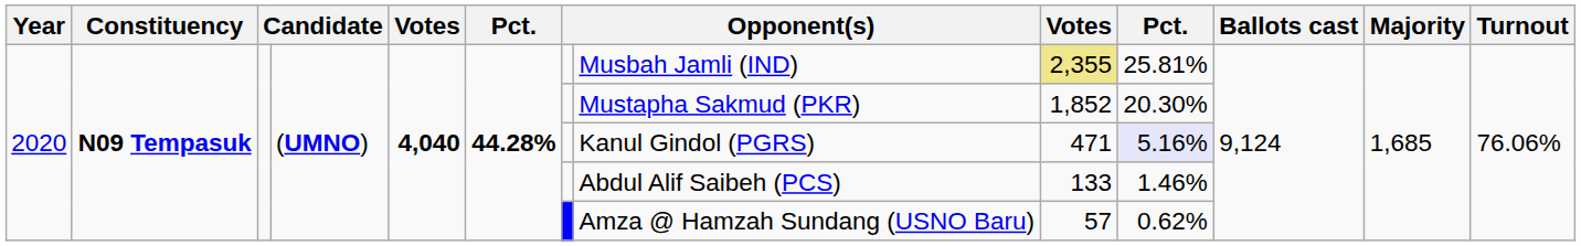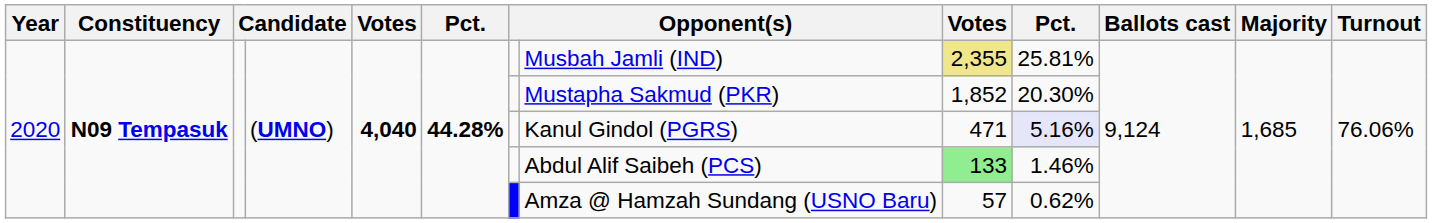 <table class="wikitable" style="margin:0.5em ; font-size:95%">
 <tr>
 <th>Year</th>
 <th>Constituency</th>
 <th colspan="2">Candidate</th>
 <th>Votes</th>
 <th>Pct.</th>
 <th colspan="2">Opponent(s)</th>
 <th>Votes</th>
 <th>Pct.</th>
 <th>Ballots cast</th>
 <th>Majority</th>
 <th>Turnout</th>
 </tr>
 <tr>
 <td rowspan="5"><a href='#'>2020</a></td>
 <td rowspan="5"><strong>N09 <a href='#'>Tempasuk</a></strong></td>
 <td rowspan="5" ></td>
 <td rowspan="5"> (<a href='#'><strong>UMNO</strong></a>)</td>
 <td rowspan="5" align=right><strong>4,040</strong></td>
 <td rowspan="5"><strong>44.28%</strong></td>
 <td></td>
 <td><a href='#'>Musbah Jamli</a> (<a href='#'>IND</a>)</td>
 <td align=right style="background: khaki;">2,355</td>
 <td>25.81%</td>
 <td rowspan="5">9,124</td>
 <td rowspan="5">1,685</td>
 <td rowspan="5">76.06%</td>
 </tr>
 <tr>
 <td></td>
 <td><a href='#'>Mustapha Sakmud</a> (<a href='#'>PKR</a>)</td>
 <td align=right>1,852</td>
 <td>20.30%</td>
 </tr>
 <tr>
 <td bgcolor = ></td>
 <td>Kanul Gindol (<a href='#'>PGRS</a>)</td>
 <td align=right>471</td>
 <td align=right style="background: lavender;">5.16%</td>
 </tr>
 <tr>
 <td bgcolor= ></td>
 <td>Abdul Alif Saibeh (<a href='#'>PCS</a>)</td>
-<td align=right>133</td>
+<td align=right style="background: lightgreen;">133</td>
 <td align=right>1.46%</td>
 </tr>
 <tr>
 <td bgcolor= blue></td>
 <td>Amza @ Hamzah Sundang (<a href='#'>USNO Baru</a>)</td>
 <td align=right>57</td>
 <td align=right>0.62%</td>
 </tr>
 </table>
